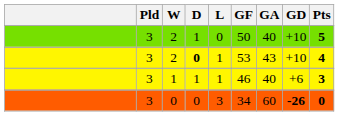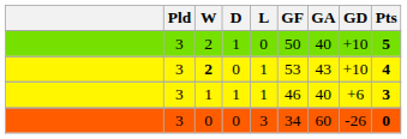 <table class="wikitable" style="text-align:center;">
 <tr>
 <th width=150></th>
 <th width=20>Pld</th>
 <th width=20>W</th>
 <th width=20>D</th>
 <th width=20>L</th>
 <th width=20>GF</th>
 <th width=20>GA</th>
 <th width=20>GD</th>
 <th width=20>Pts</th>
 </tr>
 <tr>
 </tr>
 <tr bgcolor=#76ee00|>
 <td align="left"></td>
 <td>3</td>
 <td>2</td>
 <td>1</td>
 <td>0</td>
 <td>50</td>
 <td>40</td>
 <td>+10</td>
 <td><strong>5</strong></td>
 </tr>
 <tr>
 </tr>
 <tr bgcolor=#ffff66|>
 <td align="left"></td>
 <td>3</td>
-<td>2</td>
-<td><strong>0</strong></td>
+<td><strong>2</strong></td>
+<td>0</td>
 <td>1</td>
 <td>53</td>
 <td>43</td>
 <td>+10</td>
 <td><strong>4</strong></td>
 </tr>
 <tr>
 </tr>
 <tr bgcolor=#ffff66|>
 <td align="left"></td>
 <td>3</td>
 <td>1</td>
 <td>1</td>
 <td>1</td>
 <td>46</td>
 <td>40</td>
 <td>+6</td>
 <td><strong>3</strong></td>
 </tr>
 <tr>
 </tr>
 <tr bgcolor=#ffc5c5|>
 <td align="left"></td>
 <td>3</td>
 <td>0</td>
 <td>0</td>
 <td>3</td>
 <td>34</td>
 <td>60</td>
-<td><strong>-26</strong></td>
+<td>-26</td>
 <td><strong>0</strong></td>
 </tr>
 </table>
